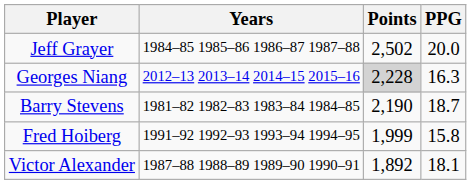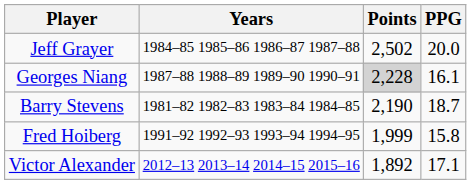 <table class="wikitable" style="text-align: center">
 <tr align=center>
 <th>Player</th>
 <th>Years</th>
 <th>Points</th>
 <th>PPG</th>
 </tr>
 <tr>
 <td><a href='#'>Jeff Grayer</a></td>
 <td style="font-size:80%;">1984–85 1985–86 1986–87 1987–88</td>
 <td>2,502</td>
 <td>20.0</td>
 </tr>
 <tr>
 <td><a href='#'>Georges Niang</a></td>
-<td style="font-size:80%;"><a href='#'>2012–13</a> <a href='#'>2013–14</a> <a href='#'>2014–15</a> <a href='#'>2015–16</a></td>
+<td style="font-size:80%;">1987–88 1988–89 1989–90 1990–91</td>
 <td style="background: lightgrey;">2,228</td>
-<td>16.3</td>
+<td>16.1</td>
 </tr>
 <tr>
 <td><a href='#'>Barry Stevens</a></td>
 <td style="font-size:80%;">1981–82 1982–83 1983–84 1984–85</td>
 <td>2,190</td>
 <td>18.7</td>
 </tr>
 <tr>
 <td><a href='#'>Fred Hoiberg</a></td>
 <td style="font-size:80%;">1991–92 1992–93 1993–94 1994–95</td>
 <td>1,999</td>
 <td>15.8</td>
 </tr>
 <tr>
 <td><a href='#'>Victor Alexander</a></td>
-<td style="font-size:80%;">1987–88 1988–89 1989–90 1990–91</td>
+<td style="font-size:80%;"><a href='#'>2012–13</a> <a href='#'>2013–14</a> <a href='#'>2014–15</a> <a href='#'>2015–16</a></td>
 <td>1,892</td>
-<td>18.1</td>
+<td>17.1</td>
 </tr>
 </table>
